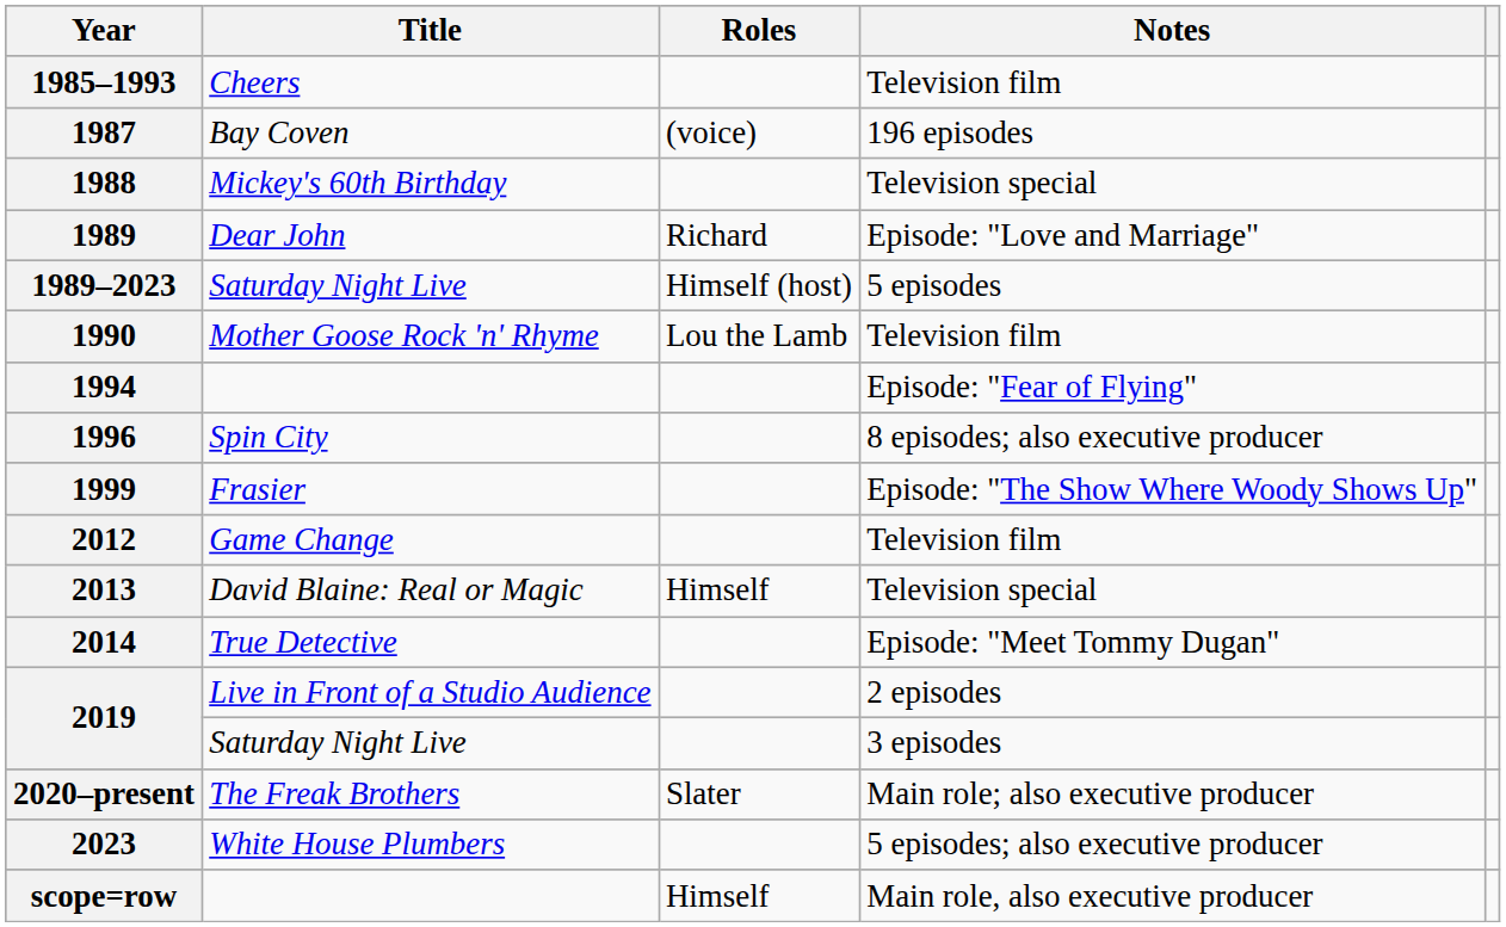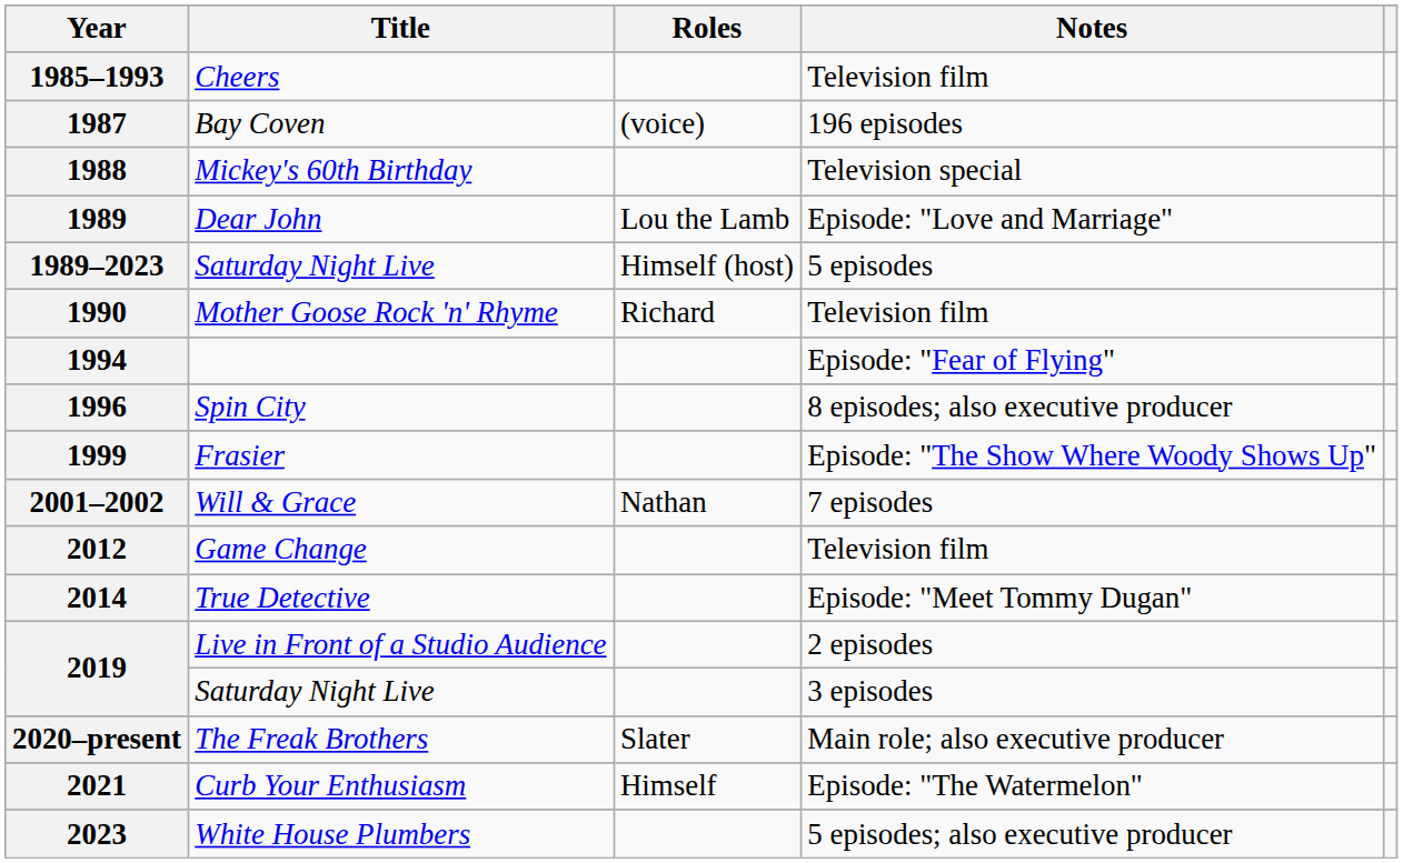 <table class="wikitable plainrowheaders sortable">
 <tr>
 <th scope="col">Year</th>
 <th scope="col">Title</th>
 <th scope="col">Roles</th>
 <th scope="col" class="unsortable">Notes</th>
 <th scope="col" class="unsortable"></th>
 </tr>
 <tr>
 <th scope=row>1985–1993</th>
 <td><em><a href='#'>Cheers</a></em></td>
 <td></td>
 <td>Television film</td>
 <td style="text-align:center;"></td>
 </tr>
 <tr>
 <th scope=row>1987</th>
 <td><em>Bay Coven</em></td>
 <td> (voice)</td>
 <td>196 episodes</td>
 <td style="text-align:center;"></td>
 </tr>
 <tr>
 <th scope=row>1988</th>
 <td><em><a href='#'>Mickey's 60th Birthday</a></em></td>
 <td></td>
 <td>Television special</td>
 <td style="text-align:center;"></td>
 </tr>
 <tr>
 <th scope=row>1989</th>
 <td><em><a href='#'>Dear John</a></em></td>
-<td>Richard</td>
+<td>Lou the Lamb</td>
 <td>Episode: "Love and Marriage"</td>
 <td style="text-align:center;"></td>
 </tr>
 <tr>
 <th scope=row>1989–2023</th>
 <td><em><a href='#'>Saturday Night Live</a></em></td>
 <td>Himself (host)</td>
 <td>5 episodes</td>
 <td style="text-align:center;"></td>
 </tr>
 <tr>
 <th scope=row>1990</th>
 <td><em><a href='#'>Mother Goose Rock 'n' Rhyme</a></em></td>
-<td>Lou the Lamb</td>
+<td>Richard</td>
 <td>Television film</td>
 <td style="text-align:center;"></td>
 </tr>
 <tr>
 <th scope=row>1994</th>
 <td></td>
 <td></td>
 <td>Episode: "<a href='#'>Fear of Flying</a>"</td>
 <td style="text-align:center;"></td>
 </tr>
 <tr>
 <th scope=row>1996</th>
 <td><em><a href='#'>Spin City</a></em></td>
 <td></td>
 <td>8 episodes; also executive producer</td>
 <td style="text-align:center;"></td>
 </tr>
 <tr>
 <th scope=row>1999</th>
 <td><em><a href='#'>Frasier</a></em></td>
 <td></td>
 <td>Episode: "<a href='#'>The Show Where Woody Shows Up</a>"</td>
 <td style="text-align:center;"></td>
 </tr>
 <tr>
+<th scope=row>2001–2002</th>
+<td><em><a href='#'>Will & Grace</a></em></td>
+<td>Nathan</td>
+<td>7 episodes</td>
+<td style="text-align:center;"></td>
+</tr>
+<tr>
 <th scope=row>2012</th>
 <td><em><a href='#'>Game Change</a></em></td>
 <td></td>
 <td>Television film</td>
-<td style="text-align:center;"></td>
-</tr>
-<tr>
-<th scope=row>2013</th>
-<td><em>David Blaine: Real or Magic</em></td>
-<td>Himself</td>
-<td>Television special</td>
 <td style="text-align:center;"></td>
 </tr>
 <tr>
 <th scope=row>2014</th>
 <td><em><a href='#'>True Detective</a></em></td>
 <td></td>
 <td>Episode: "Meet Tommy Dugan"</td>
 <td style="text-align:center;"></td>
 </tr>
 <tr>
 <th scope=row rowspan="2">2019</th>
 <td><em><a href='#'>Live in Front of a Studio Audience</a></em></td>
 <td></td>
 <td>2 episodes</td>
 <td style="text-align:center;"></td>
 </tr>
 <tr>
 <td><em>Saturday Night Live</em></td>
 <td></td>
 <td>3 episodes</td>
 <td style="text-align:center;"></td>
 </tr>
 <tr>
 <th scope=row>2020–present</th>
 <td><em><a href='#'>The Freak Brothers</a></em></td>
 <td>Slater</td>
 <td>Main role; also executive producer</td>
 <td style="text-align:center;"></td>
 </tr>
 <tr>
+<th scope=row>2021</th>
+<td><em><a href='#'>Curb Your Enthusiasm</a></em></td>
+<td>Himself</td>
+<td>Episode: "The Watermelon"</td>
+<td style="text-align:center;"></td>
+</tr>
+<tr>
 <th scope=row>2023</th>
 <td><em><a href='#'>White House Plumbers</a></em></td>
 <td></td>
 <td>5 episodes; also executive producer</td>
 <td style="text-align:center;"></td>
 </tr>
-<tr>
-<th>scope=row </th>
-<td></td>
-<td>Himself</td>
-<td>Main role, also executive producer</td>
-<td style="text-align:center;"></td>
-</tr>
 </table>
